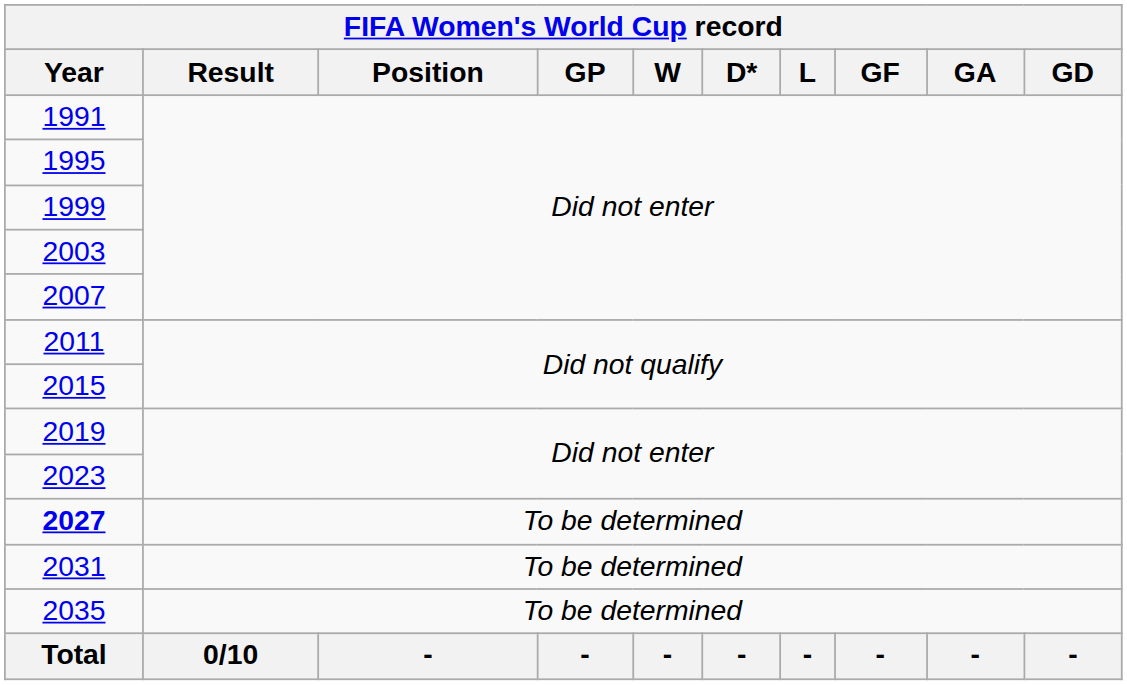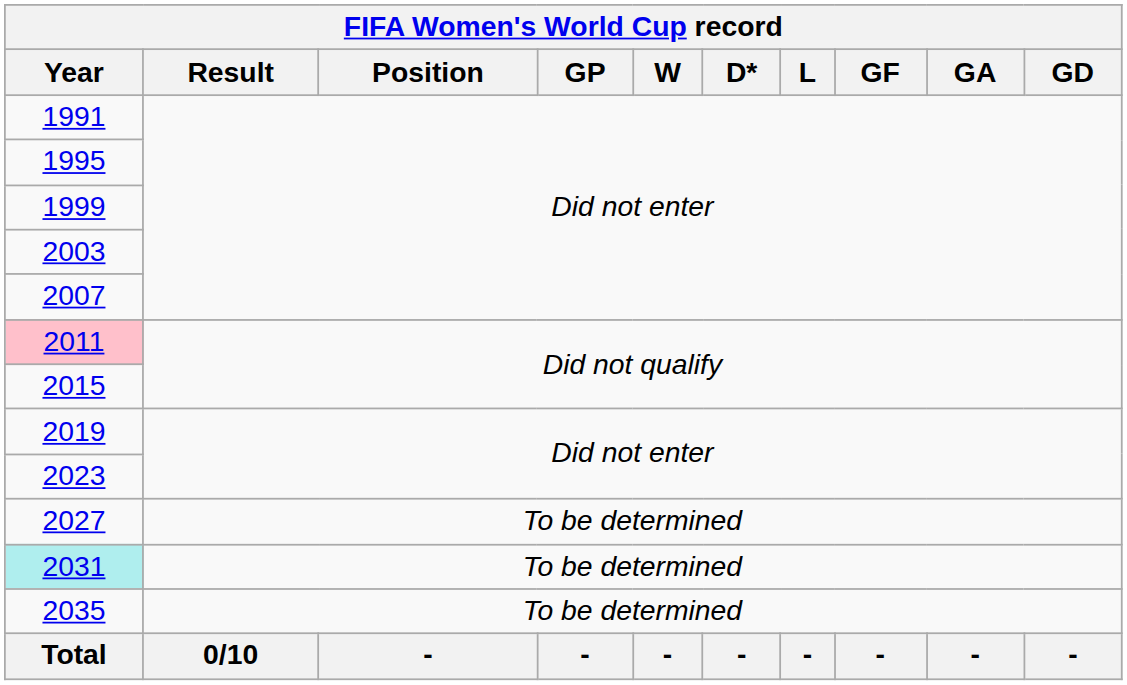 <table class="wikitable" style="text-align: center; width:50%;">
 <tr>
 <th colspan=10><a href='#'>FIFA Women's World Cup</a> record</th>
 </tr>
 <tr>
 <th>Year</th>
 <th>Result</th>
 <th>Position</th>
 <th>GP</th>
 <th>W</th>
 <th>D*</th>
 <th>L</th>
 <th>GF</th>
 <th>GA</th>
 <th>GD</th>
 </tr>
 <tr>
 <td> <a href='#'>1991</a></td>
 <td colspan=9 rowspan=5><em>Did not enter</em></td>
 </tr>
 <tr>
 <td> <a href='#'>1995</a></td>
 </tr>
 <tr>
 <td> <a href='#'>1999</a></td>
 </tr>
 <tr>
 <td> <a href='#'>2003</a></td>
 </tr>
 <tr>
 <td> <a href='#'>2007</a></td>
 </tr>
 <tr>
-<td> <a href='#'>2011</a></td>
+<td style="background: pink;"> <a href='#'>2011</a></td>
 <td colspan=9 rowspan=2><em>Did not qualify</em></td>
 </tr>
 <tr>
 <td> <a href='#'>2015</a></td>
 </tr>
 <tr>
 <td> <a href='#'>2019</a></td>
 <td colspan=9 rowspan=2><em>Did not enter</em></td>
 </tr>
 <tr>
 <td> <a href='#'>2023</a></td>
 </tr>
 <tr>
-<td><strong> <a href='#'>2027</a></strong></td>
+<td> <a href='#'>2027</a></td>
 <td colspan=9><em>To be determined</em></td>
 </tr>
 <tr>
-<td> <a href='#'>2031</a></td>
+<td style="background: paleturquoise;"> <a href='#'>2031</a></td>
 <td colspan=9><em>To be determined</em></td>
 </tr>
 <tr>
 <td> <a href='#'>2035</a></td>
 <td colspan=9><em>To be determined</em></td>
 </tr>
 <tr>
 <th>Total</th>
 <th>0/10</th>
 <th>-</th>
 <th>-</th>
 <th>-</th>
 <th>-</th>
 <th>-</th>
 <th>-</th>
 <th>-</th>
 <th>-</th>
 </tr>
 </table>
